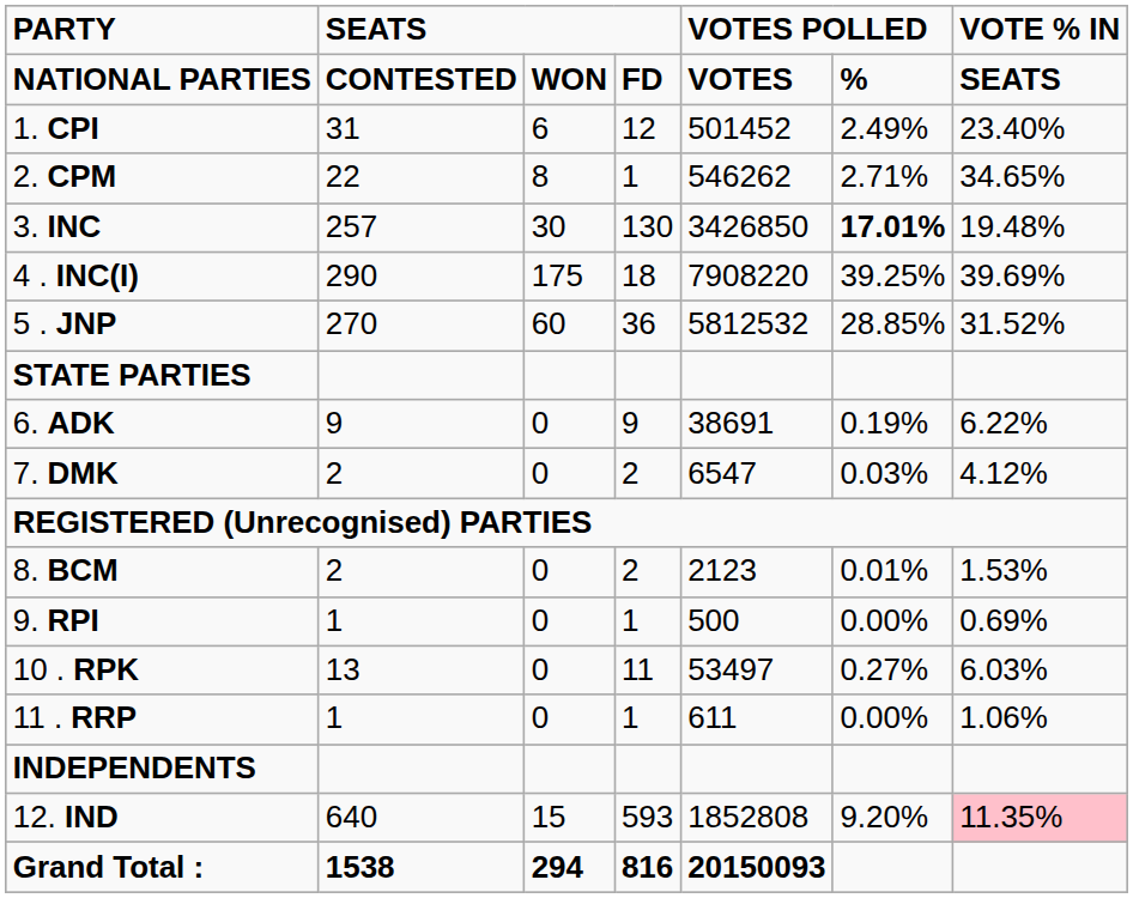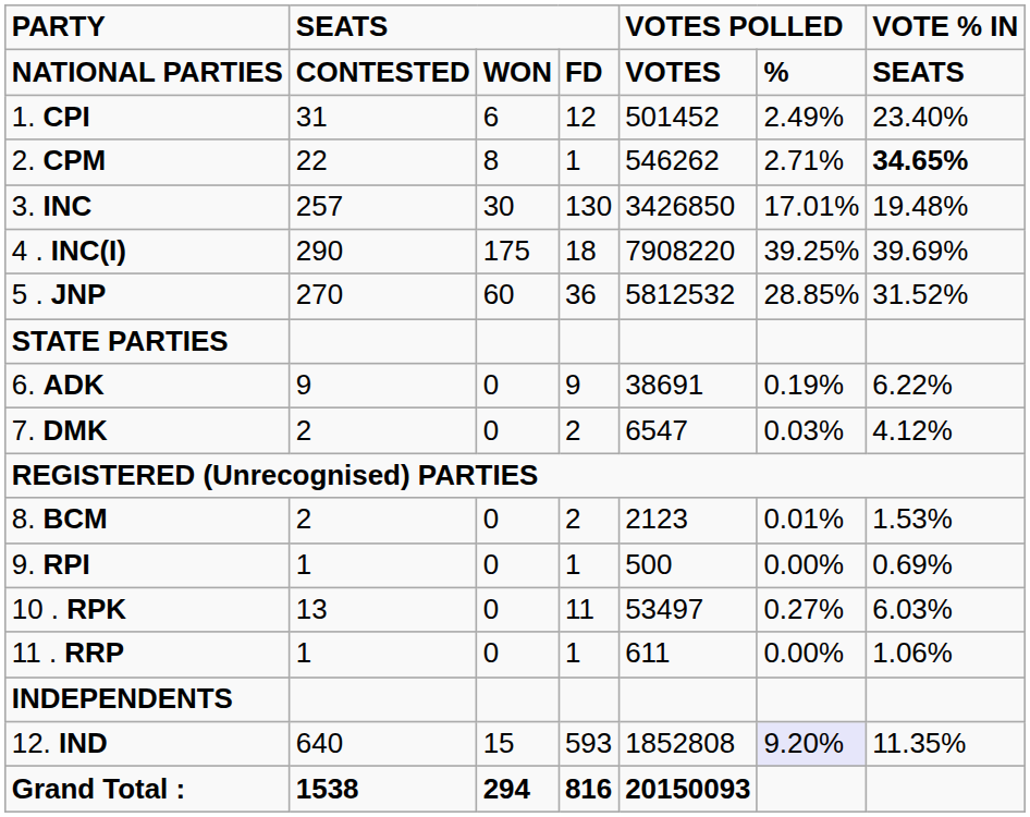 <table class="wikitable">
 <tr>
 <td><strong>PARTY </strong></td>
 <td colspan="3"><strong>SEATS</strong></td>
 <td colspan="2"><strong>VOTES POLLED</strong></td>
 <td><strong>VOTE % IN</strong></td>
 </tr>
 <tr>
 <td><strong>NATIONAL  PARTIES</strong></td>
 <td><strong>CONTESTED</strong></td>
 <td><strong>WON</strong></td>
 <td><strong>FD</strong></td>
 <td><strong>VOTES</strong></td>
 <td><strong>%</strong></td>
 <td><strong>SEATS</strong></td>
 </tr>
 <tr>
 <td>1. <strong>CPI</strong></td>
 <td>31</td>
 <td>6</td>
 <td>12</td>
 <td>501452</td>
 <td>2.49%</td>
 <td>23.40%</td>
 </tr>
 <tr>
 <td>2. <strong>CPM</strong></td>
 <td>22</td>
 <td>8</td>
 <td>1</td>
 <td>546262</td>
 <td>2.71%</td>
-<td>34.65%</td>
+<td><strong>34.65%</strong></td>
 </tr>
 <tr>
 <td>3. <strong>INC</strong></td>
 <td>257</td>
 <td>30</td>
 <td>130</td>
 <td>3426850</td>
-<td><strong>17.01%</strong></td>
+<td>17.01%</td>
 <td>19.48%</td>
 </tr>
 <tr>
 <td>4  . <strong>INC(I)</strong></td>
 <td>290</td>
 <td>175</td>
 <td>18</td>
 <td>7908220</td>
 <td>39.25%</td>
 <td>39.69%</td>
 </tr>
 <tr>
 <td>5  . <strong>JNP</strong></td>
 <td>270</td>
 <td>60</td>
 <td>36</td>
 <td>5812532</td>
 <td>28.85%</td>
 <td>31.52%</td>
 </tr>
 <tr>
 <td><strong>STATE  PARTIES</strong></td>
 <td></td>
 <td></td>
 <td></td>
 <td></td>
 <td></td>
 <td></td>
 </tr>
 <tr>
 <td>6. <strong>ADK</strong></td>
 <td>9</td>
 <td>0</td>
 <td>9</td>
 <td>38691</td>
 <td>0.19%</td>
 <td>6.22%</td>
 </tr>
 <tr>
 <td>7. <strong>DMK</strong></td>
 <td>2</td>
 <td>0</td>
 <td>2</td>
 <td>6547</td>
 <td>0.03%</td>
 <td>4.12%</td>
 </tr>
 <tr>
 <td colspan="7"><strong>REGISTERED  (Unrecognised) PARTIES</strong></td>
 </tr>
 <tr>
 <td>8. <strong>BCM</strong></td>
 <td>2</td>
 <td>0</td>
 <td>2</td>
 <td>2123</td>
 <td>0.01%</td>
 <td>1.53%</td>
 </tr>
 <tr>
 <td>9. <strong>RPI</strong></td>
 <td>1</td>
 <td>0</td>
 <td>1</td>
 <td>500</td>
 <td>0.00%</td>
 <td>0.69%</td>
 </tr>
 <tr>
 <td>10 . <strong>RPK</strong></td>
 <td>13</td>
 <td>0</td>
 <td>11</td>
 <td>53497</td>
 <td>0.27%</td>
 <td>6.03%</td>
 </tr>
 <tr>
 <td>11 . <strong>RRP</strong></td>
 <td>1</td>
 <td>0</td>
 <td>1</td>
 <td>611</td>
 <td>0.00%</td>
 <td>1.06%</td>
 </tr>
 <tr>
 <td><strong>INDEPENDENTS</strong></td>
 <td></td>
 <td></td>
 <td></td>
 <td></td>
 <td></td>
 <td></td>
 </tr>
 <tr>
 <td>12. <strong>IND</strong></td>
 <td>640</td>
 <td>15</td>
 <td>593</td>
 <td>1852808</td>
-<td>9.20%</td>
-<td style="background: pink;">11.35%</td>
+<td style="background: lavender;">9.20%</td>
+<td>11.35%</td>
 </tr>
 <tr>
 <td><strong>Grand Total :</strong></td>
 <td><strong>1538</strong></td>
 <td><strong>294</strong></td>
 <td><strong>816</strong></td>
 <td><strong>20150093</strong></td>
 <td></td>
 <td></td>
 </tr>
 </table>
